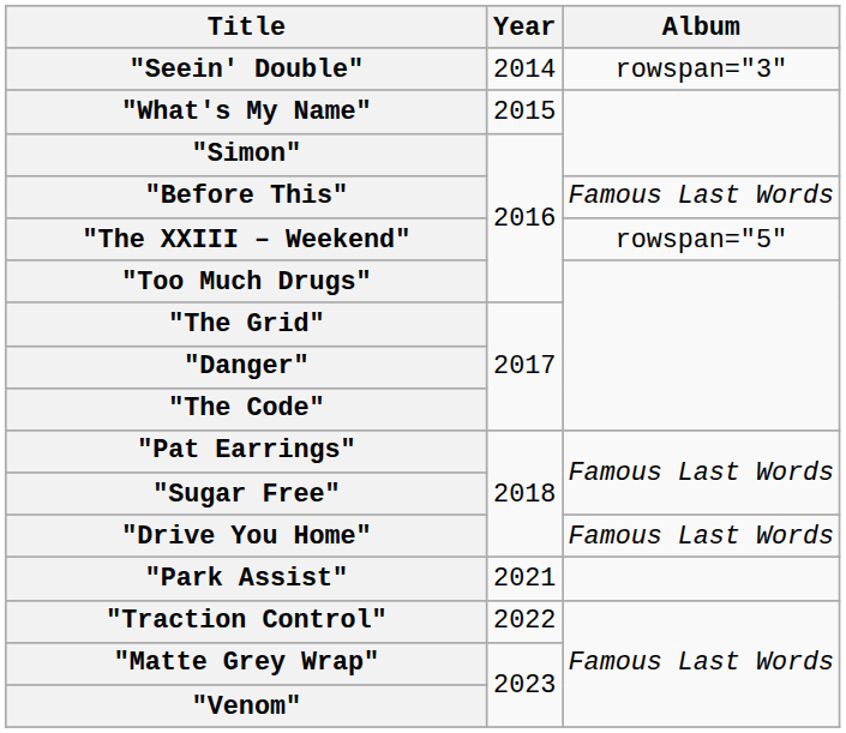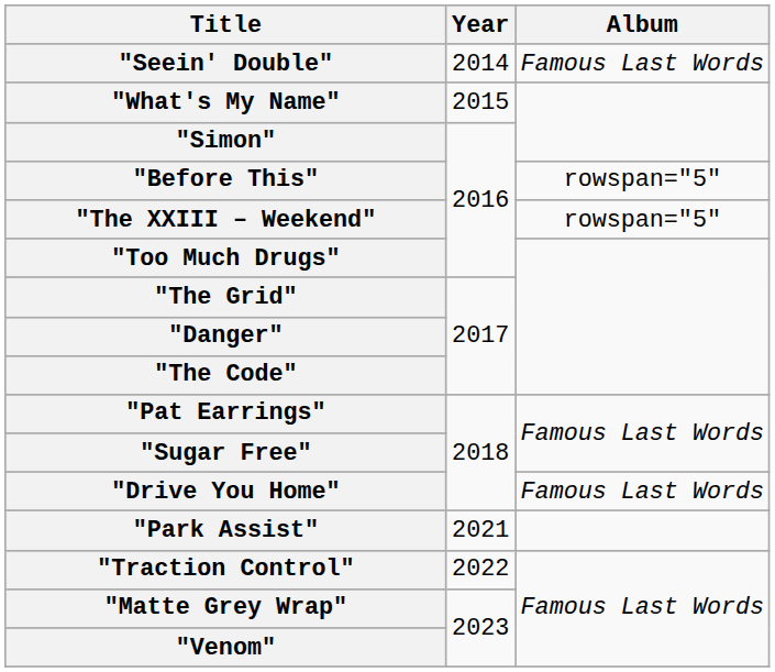 <table class="wikitable plainrowheaders" style="text-align:center;">
 <tr>
 <th scope="col" style="width:18em;">Title</th>
 <th scope="col">Year</th>
 <th scope="col">Album</th>
 </tr>
 <tr>
 <th scope="row">"Seein' Double"</th>
 <td>2014</td>
-<td>rowspan="3" </td>
+<td><em>Famous Last Words</em></td>
 </tr>
 <tr>
 <th scope="row">"What's My Name"</th>
 <td>2015</td>
 </tr>
 <tr>
 <th scope="row">"Simon"</th>
 <td rowspan="4">2016</td>
 </tr>
 <tr>
 <th scope="row">"Before This"<br></th>
-<td><em>Famous Last Words</em></td>
+<td>rowspan="5" </td>
 </tr>
 <tr>
 <th scope="row">"The XXIII – Weekend"<br></th>
 <td>rowspan="5" </td>
 </tr>
 <tr>
 <th scope="row">"Too Much Drugs"<br></th>
 </tr>
 <tr>
 <th scope="row">"The Grid"</th>
 <td rowspan="3">2017</td>
 </tr>
 <tr>
 <th scope="row">"Danger"<br></th>
 </tr>
 <tr>
 <th scope="row">"The Code"</th>
 </tr>
 <tr>
 <th scope="row">"Pat Earrings"</th>
 <td rowspan="3">2018</td>
 <td rowspan="2"><em>Famous Last Words</em></td>
 </tr>
 <tr>
 <th scope="row">"Sugar Free"</th>
 </tr>
 <tr>
 <th scope="row">"Drive You Home"</th>
 <td><em>Famous Last Words</em></td>
 </tr>
 <tr>
 <th scope="row">"Park Assist"<br></th>
 <td>2021</td>
 </tr>
 <tr>
 <th scope="row">"Traction Control"</th>
 <td>2022</td>
 <td rowspan="3"><em>Famous Last Words</em></td>
 </tr>
 <tr>
 <th scope="row">"Matte Grey Wrap"</th>
 <td rowspan="2">2023</td>
 </tr>
 <tr>
 <th scope="row">"Venom"</th>
 </tr>
 </table>
